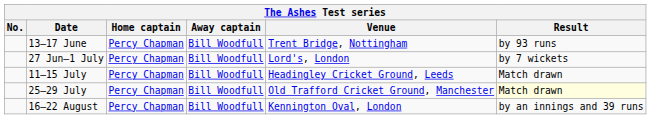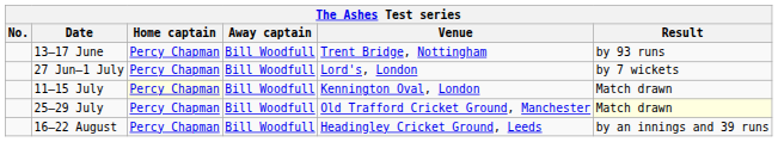 <table class="wikitable">
 <tr>
 <th colspan="9"><a href='#'>The Ashes</a> Test series</th>
 </tr>
 <tr>
 <th>No.</th>
 <th>Date</th>
 <th>Home captain</th>
 <th>Away captain</th>
 <th>Venue</th>
 <th>Result</th>
 </tr>
 <tr>
 <td></td>
 <td>13–17 June</td>
 <td><a href='#'>Percy Chapman</a></td>
 <td><a href='#'>Bill Woodfull</a></td>
 <td><a href='#'>Trent Bridge</a>, <a href='#'>Nottingham</a></td>
 <td> by 93 runs</td>
 </tr>
 <tr>
 <td></td>
 <td>27 Jun–1 July</td>
 <td><a href='#'>Percy Chapman</a></td>
 <td><a href='#'>Bill Woodfull</a></td>
 <td><a href='#'>Lord's</a>, <a href='#'>London</a></td>
 <td> by 7 wickets</td>
 </tr>
 <tr>
 <td></td>
 <td>11–15 July</td>
-<td><a href='#'>Percy Chapman</a></td>
+<td style="background: lightyellow;"><a href='#'>Percy Chapman</a></td>
 <td><a href='#'>Bill Woodfull</a></td>
-<td><a href='#'>Headingley Cricket Ground</a>, <a href='#'>Leeds</a></td>
+<td><a href='#'>Kennington Oval</a>, <a href='#'>London</a></td>
 <td>Match drawn</td>
 </tr>
 <tr>
 <td></td>
 <td>25–29 July</td>
 <td><a href='#'>Percy Chapman</a></td>
 <td><a href='#'>Bill Woodfull</a></td>
 <td><a href='#'>Old Trafford Cricket Ground</a>, <a href='#'>Manchester</a></td>
 <td style="background: lightyellow;">Match drawn</td>
 </tr>
 <tr>
 <td></td>
 <td>16–22 August</td>
 <td><a href='#'>Percy Chapman</a></td>
 <td><a href='#'>Bill Woodfull</a></td>
-<td><a href='#'>Kennington Oval</a>, <a href='#'>London</a></td>
+<td><a href='#'>Headingley Cricket Ground</a>, <a href='#'>Leeds</a></td>
 <td> by an innings and 39 runs</td>
 </tr>
 </table>
